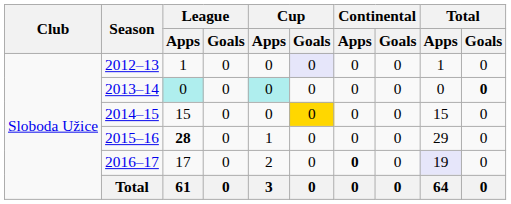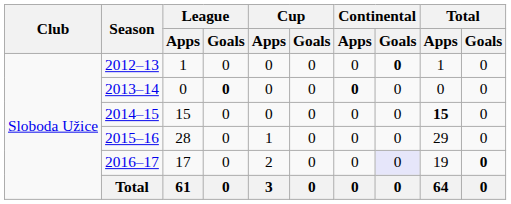 <table class="wikitable" style="text-align:center">
 <tr>
 <th rowspan="2">Club</th>
 <th rowspan="2">Season</th>
 <th colspan="2">League</th>
 <th colspan="2">Cup</th>
 <th colspan="2">Continental</th>
 <th colspan="2">Total</th>
 </tr>
 <tr>
 <th>Apps</th>
 <th>Goals</th>
 <th>Apps</th>
 <th>Goals</th>
 <th>Apps</th>
 <th>Goals</th>
 <th>Apps</th>
 <th>Goals</th>
 </tr>
 <tr>
 <td rowspan="6"><a href='#'>Sloboda Užice</a></td>
 <td><a href='#'>2012–13</a></td>
 <td>1</td>
 <td>0</td>
 <td>0</td>
-<td style="background: lavender;">0</td>
 <td>0</td>
 <td>0</td>
+<td><strong>0</strong></td>
 <td>1</td>
 <td>0</td>
 </tr>
 <tr>
 <td><a href='#'>2013–14</a></td>
-<td style="background: paleturquoise;">0</td>
 <td>0</td>
-<td style="background: paleturquoise;">0</td>
+<td><strong>0</strong></td>
+<td>0</td>
+<td>0</td>
+<td><strong>0</strong></td>
 <td>0</td>
 <td>0</td>
 <td>0</td>
-<td>0</td>
-<td><strong>0</strong></td>
 </tr>
 <tr>
 <td><a href='#'>2014–15</a></td>
 <td>15</td>
 <td>0</td>
 <td>0</td>
-<td style="background: gold;">0</td>
 <td>0</td>
 <td>0</td>
-<td>15</td>
+<td>0</td>
+<td><strong>15</strong></td>
 <td>0</td>
 </tr>
 <tr>
 <td><a href='#'>2015–16</a></td>
-<td><strong>28</strong></td>
+<td>28</td>
 <td>0</td>
 <td>1</td>
 <td>0</td>
 <td>0</td>
 <td>0</td>
 <td>29</td>
 <td>0</td>
 </tr>
 <tr>
 <td><a href='#'>2016–17</a></td>
 <td>17</td>
 <td>0</td>
 <td>2</td>
 <td>0</td>
+<td>0</td>
+<td style="background: lavender;">0</td>
+<td>19</td>
 <td><strong>0</strong></td>
-<td>0</td>
-<td style="background: lavender;">19</td>
-<td>0</td>
 </tr>
 <tr>
 <th>Total</th>
 <th>61</th>
 <th>0</th>
 <th>3</th>
 <th>0</th>
 <th>0</th>
 <th>0</th>
 <th>64</th>
 <th>0</th>
 </tr>
 </table>
